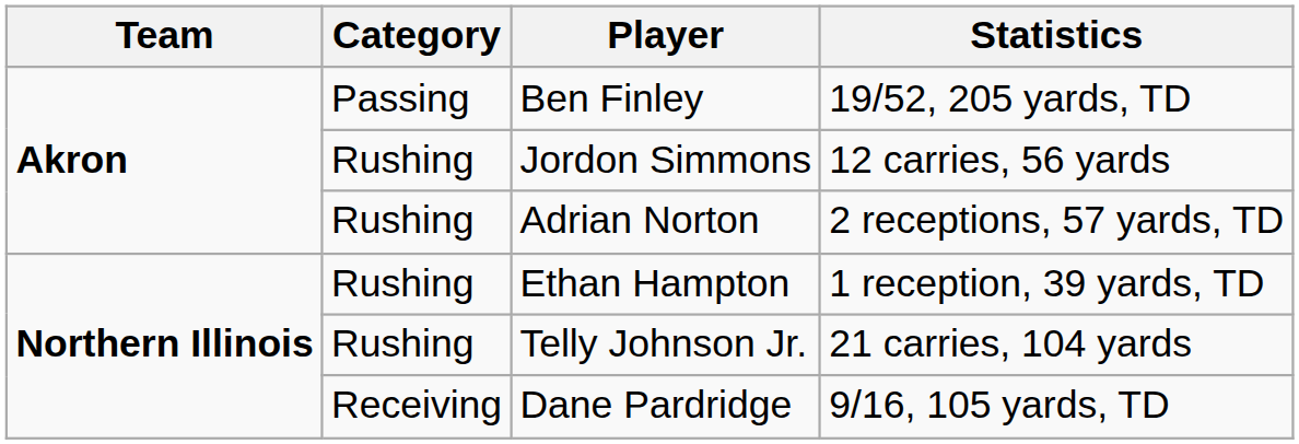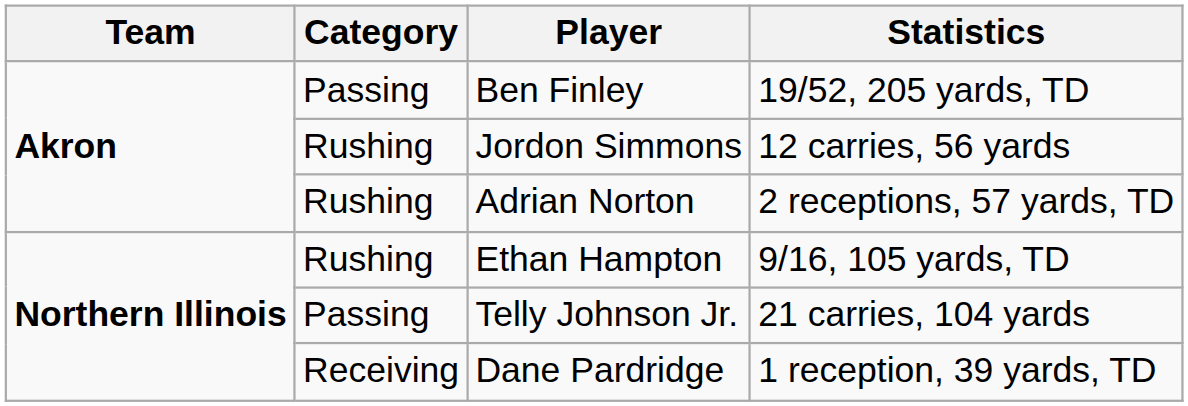 <table class="wikitable" style="float: right;">
 <tr>
 <th>Team</th>
 <th>Category</th>
 <th>Player</th>
 <th>Statistics</th>
 </tr>
 <tr>
 <td rowspan=3><strong>Akron</strong></td>
 <td>Passing</td>
 <td>Ben Finley</td>
 <td>19/52, 205 yards, TD</td>
 </tr>
 <tr>
 <td>Rushing</td>
 <td>Jordon Simmons</td>
 <td>12 carries, 56 yards</td>
 </tr>
 <tr>
 <td>Rushing</td>
 <td>Adrian Norton</td>
 <td>2 receptions, 57 yards, TD</td>
 </tr>
 <tr>
 <td rowspan=3><strong>Northern Illinois</strong></td>
 <td>Rushing</td>
 <td>Ethan Hampton</td>
-<td>1 reception, 39 yards, TD</td>
+<td>9/16, 105 yards, TD</td>
 </tr>
 <tr>
-<td>Rushing</td>
+<td>Passing</td>
 <td>Telly Johnson Jr.</td>
 <td>21 carries, 104 yards</td>
 </tr>
 <tr>
 <td>Receiving</td>
 <td>Dane Pardridge</td>
-<td>9/16, 105 yards, TD</td>
+<td>1 reception, 39 yards, TD</td>
 </tr>
 </table>
